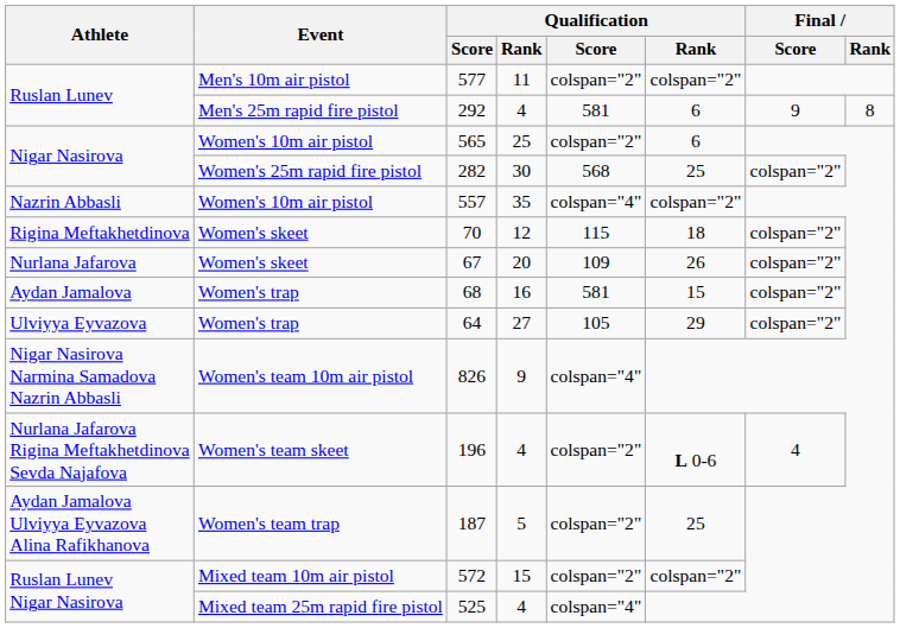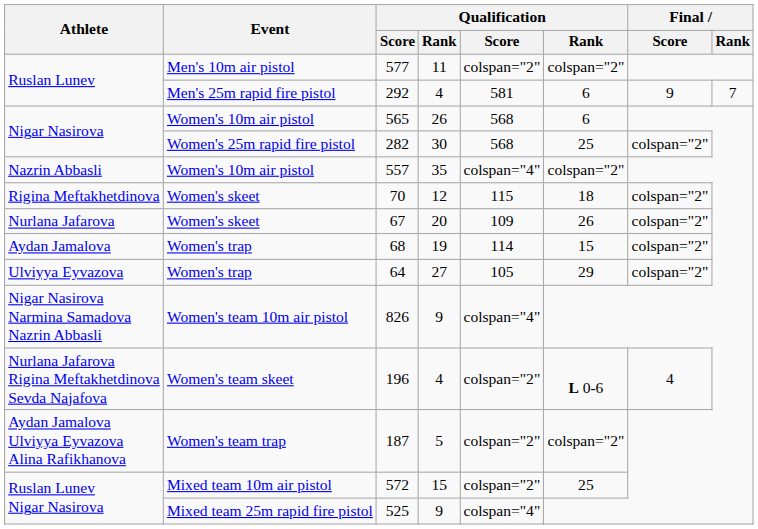 <table class="wikitable" style="text-align:center; font-size:90%">
 <tr>
 <th rowspan="2">Athlete</th>
 <th rowspan="2">Event</th>
 <th colspan="4">Qualification</th>
 <th colspan="2">Final / </th>
 </tr>
 <tr style="font-size:95%">
 <th>Score</th>
 <th>Rank</th>
 <th>Score</th>
 <th>Rank</th>
 <th>Score</th>
 <th>Rank</th>
 </tr>
 <tr>
 <td align="left" rowspan="2"><a href='#'>Ruslan Lunev</a></td>
 <td align="left"><a href='#'>Men's 10m air pistol</a></td>
 <td>577</td>
 <td>11</td>
 <td>colspan="2" </td>
 <td>colspan="2" </td>
 </tr>
 <tr>
 <td align="left"><a href='#'>Men's 25m rapid fire pistol</a></td>
 <td>292</td>
 <td>4</td>
 <td>581</td>
 <td>6</td>
 <td>9</td>
-<td>8</td>
+<td>7</td>
 </tr>
 <tr>
 <td align="left" rowspan="2"><a href='#'>Nigar Nasirova</a></td>
 <td align="left"><a href='#'>Women's 10m air pistol</a></td>
 <td>565</td>
-<td>25</td>
-<td>colspan="2" </td>
+<td>26</td>
+<td>568</td>
 <td>6</td>
 </tr>
 <tr>
 <td align="left"><a href='#'>Women's 25m rapid fire pistol</a></td>
 <td>282</td>
 <td>30</td>
 <td>568</td>
 <td>25</td>
 <td>colspan="2" </td>
 </tr>
 <tr>
 <td align="left"><a href='#'>Nazrin Abbasli</a></td>
 <td align="left"><a href='#'>Women's 10m air pistol</a></td>
 <td>557</td>
 <td>35</td>
 <td>colspan="4" </td>
 <td>colspan="2" </td>
 </tr>
 <tr>
 <td align="left"><a href='#'>Rigina Meftakhetdinova</a></td>
 <td align="left"><a href='#'>Women's skeet</a></td>
 <td>70</td>
 <td>12</td>
 <td>115</td>
 <td>18</td>
 <td>colspan="2" </td>
 </tr>
 <tr>
 <td align="left"><a href='#'>Nurlana Jafarova</a></td>
 <td align="left"><a href='#'>Women's skeet</a></td>
 <td>67</td>
 <td>20</td>
 <td>109</td>
 <td>26</td>
 <td>colspan="2" </td>
 </tr>
 <tr>
 <td align="left"><a href='#'>Aydan Jamalova</a></td>
 <td align="left"><a href='#'>Women's trap</a></td>
 <td>68</td>
-<td>16</td>
-<td>581</td>
+<td>19</td>
+<td>114</td>
 <td>15</td>
 <td>colspan="2" </td>
 </tr>
 <tr>
 <td align="left"><a href='#'>Ulviyya Eyvazova</a></td>
 <td align="left"><a href='#'>Women's trap</a></td>
 <td>64</td>
 <td>27</td>
 <td>105</td>
 <td>29</td>
 <td>colspan="2" </td>
 </tr>
 <tr>
 <td align="left"><a href='#'>Nigar Nasirova</a><br><a href='#'>Narmina Samadova</a><br><a href='#'>Nazrin Abbasli</a></td>
 <td align="left"><a href='#'>Women's team 10m air pistol</a></td>
 <td>826</td>
 <td>9</td>
 <td>colspan="4" </td>
 </tr>
 <tr>
 <td align="left"><a href='#'>Nurlana Jafarova</a><br><a href='#'>Rigina Meftakhetdinova</a><br><a href='#'>Sevda Najafova</a></td>
 <td align="left"><a href='#'>Women's team skeet</a></td>
 <td>196</td>
 <td>4 <strong></strong></td>
 <td>colspan="2" </td>
 <td><br><strong>L</strong> 0-6</td>
 <td>4</td>
 </tr>
 <tr>
 <td align="left"><a href='#'>Aydan Jamalova</a><br><a href='#'>Ulviyya Eyvazova</a><br><a href='#'>Alina Rafikhanova</a></td>
 <td align="left"><a href='#'>Women's team trap</a></td>
 <td>187</td>
 <td>5</td>
 <td>colspan="2" </td>
-<td>25</td>
+<td>colspan="2" </td>
 </tr>
 <tr>
 <td align="left" rowspan="2"><a href='#'>Ruslan Lunev</a><br><a href='#'>Nigar Nasirova</a></td>
 <td align="left"><a href='#'>Mixed team 10m air pistol</a></td>
 <td>572</td>
 <td>15</td>
 <td>colspan="2" </td>
-<td>colspan="2" </td>
+<td>25</td>
 </tr>
 <tr>
 <td align="left"><a href='#'>Mixed team 25m rapid fire pistol</a></td>
 <td>525</td>
-<td>4</td>
+<td>9</td>
 <td>colspan="4" </td>
 </tr>
 </table>
